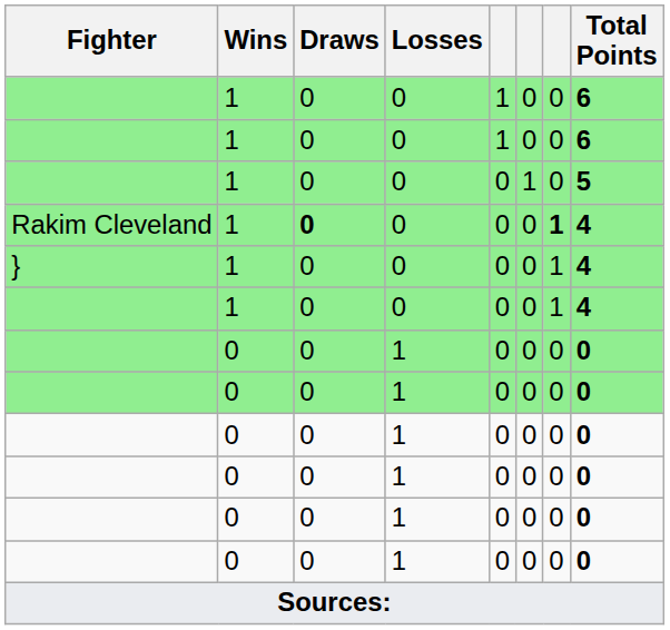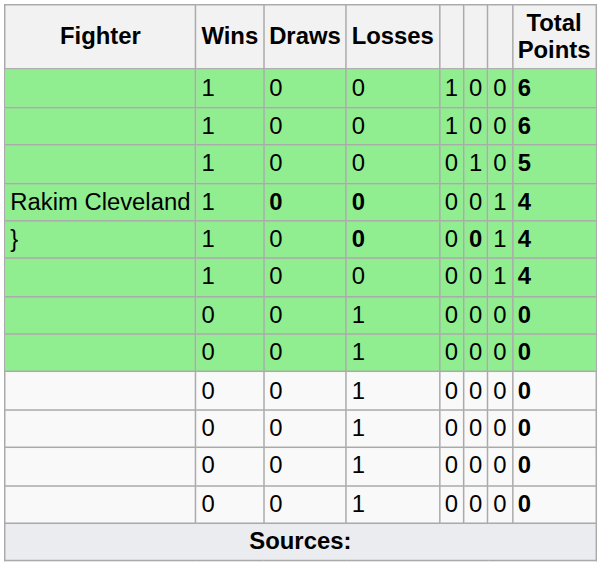 <table class="wikitable sortable">
 <tr>
 <th>Fighter</th>
 <th>Wins</th>
 <th>Draws</th>
 <th>Losses</th>
 <th></th>
 <th></th>
 <th></th>
 <th>Total<br> Points</th>
 </tr>
 <tr>
 <td style="background:#90EE90;"></td>
 <td style="background:#90EE90;">1</td>
 <td style="background:#90EE90;">0</td>
 <td style="background:#90EE90;">0</td>
 <td style="background:#90EE90;">1</td>
 <td style="background:#90EE90;">0</td>
 <td style="background:#90EE90;">0</td>
 <td style="background:#90EE90;"><strong>6</strong></td>
 </tr>
 <tr>
 <td style="background:#90EE90;"></td>
 <td style="background:#90EE90;">1</td>
 <td style="background:#90EE90;">0</td>
 <td style="background:#90EE90;">0</td>
 <td style="background:#90EE90;">1</td>
 <td style="background:#90EE90;">0</td>
 <td style="background:#90EE90;">0</td>
 <td style="background:#90EE90;"><strong>6</strong></td>
 </tr>
 <tr>
 <td style="background:#90EE90;"></td>
 <td style="background:#90EE90;">1</td>
 <td style="background:#90EE90;">0</td>
 <td style="background:#90EE90;">0</td>
 <td style="background:#90EE90;">0</td>
 <td style="background:#90EE90;">1</td>
 <td style="background:#90EE90;">0</td>
 <td style="background:#90EE90;"><strong>5</strong></td>
 </tr>
 <tr>
 <td style="background:#90EE90;">Rakim Cleveland</td>
 <td style="background:#90EE90;">1</td>
 <td style="background:#90EE90;"><strong>0</strong></td>
+<td style="background:#90EE90;"><strong>0</strong></td>
 <td style="background:#90EE90;">0</td>
 <td style="background:#90EE90;">0</td>
-<td style="background:#90EE90;">0</td>
-<td style="background:#90EE90;"><strong>1</strong></td>
+<td style="background:#90EE90;">1</td>
 <td style="background:#90EE90;"><strong>4</strong></td>
 </tr>
 <tr>
 <td style="background:#90EE90;">} </td>
 <td style="background:#90EE90;">1</td>
 <td style="background:#90EE90;">0</td>
+<td style="background:#90EE90;"><strong>0</strong></td>
 <td style="background:#90EE90;">0</td>
-<td style="background:#90EE90;">0</td>
-<td style="background:#90EE90;">0</td>
+<td style="background:#90EE90;"><strong>0</strong></td>
 <td style="background:#90EE90;">1</td>
 <td style="background:#90EE90;"><strong>4</strong></td>
 </tr>
 <tr>
 <td style="background:#90EE90;"></td>
 <td style="background:#90EE90;">1</td>
 <td style="background:#90EE90;">0</td>
 <td style="background:#90EE90;">0</td>
 <td style="background:#90EE90;">0</td>
 <td style="background:#90EE90;">0</td>
 <td style="background:#90EE90;">1</td>
 <td style="background:#90EE90;"><strong>4</strong></td>
 </tr>
 <tr>
 <td style="background:#90EE90;"></td>
 <td style="background:#90EE90;">0</td>
 <td style="background:#90EE90;">0</td>
 <td style="background:#90EE90;">1</td>
 <td style="background:#90EE90;">0</td>
 <td style="background:#90EE90;">0</td>
 <td style="background:#90EE90;">0</td>
 <td style="background:#90EE90;"><strong>0</strong></td>
 </tr>
 <tr>
 <td style="background:#90EE90;"></td>
 <td style="background:#90EE90;">0</td>
 <td style="background:#90EE90;">0</td>
 <td style="background:#90EE90;">1</td>
 <td style="background:#90EE90;">0</td>
 <td style="background:#90EE90;">0</td>
 <td style="background:#90EE90;">0</td>
 <td style="background:#90EE90;"><strong>0</strong></td>
 </tr>
 <tr>
 <td></td>
 <td>0</td>
 <td>0</td>
 <td>1</td>
 <td>0</td>
 <td>0</td>
 <td>0</td>
 <td><strong>0</strong></td>
 </tr>
 <tr>
 <td></td>
 <td>0</td>
 <td>0</td>
 <td>1</td>
 <td>0</td>
 <td>0</td>
 <td>0</td>
 <td><strong>0</strong></td>
 </tr>
 <tr>
 <td></td>
 <td>0</td>
 <td>0</td>
 <td>1</td>
 <td>0</td>
 <td>0</td>
 <td>0</td>
 <td><strong>0</strong></td>
 </tr>
 <tr>
 <td></td>
 <td>0</td>
 <td>0</td>
 <td>1</td>
 <td>0</td>
 <td>0</td>
 <td>0</td>
 <td><strong>0</strong></td>
 </tr>
 <tr>
 <td colspan="8" style="background-color:#EAECF0; text-align:center"><strong>Sources:</strong></td>
 </tr>
 </table>
